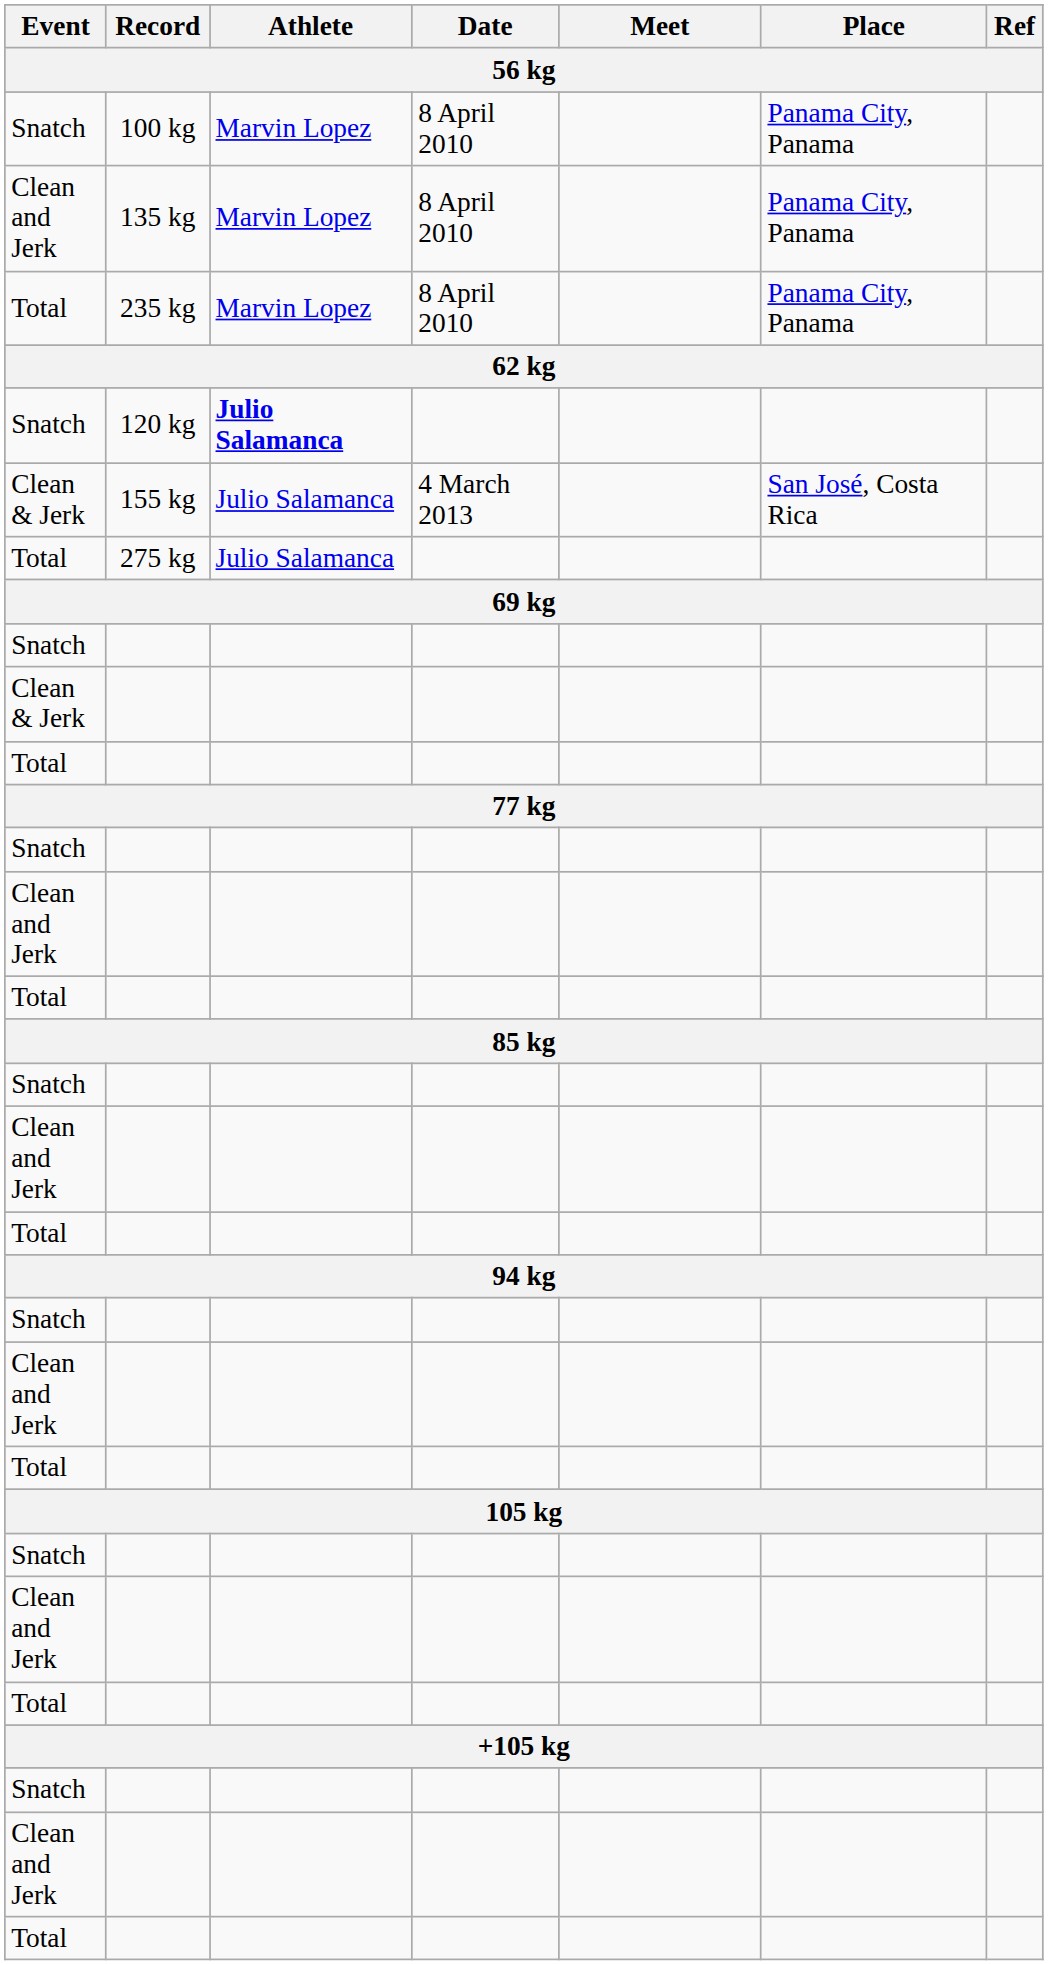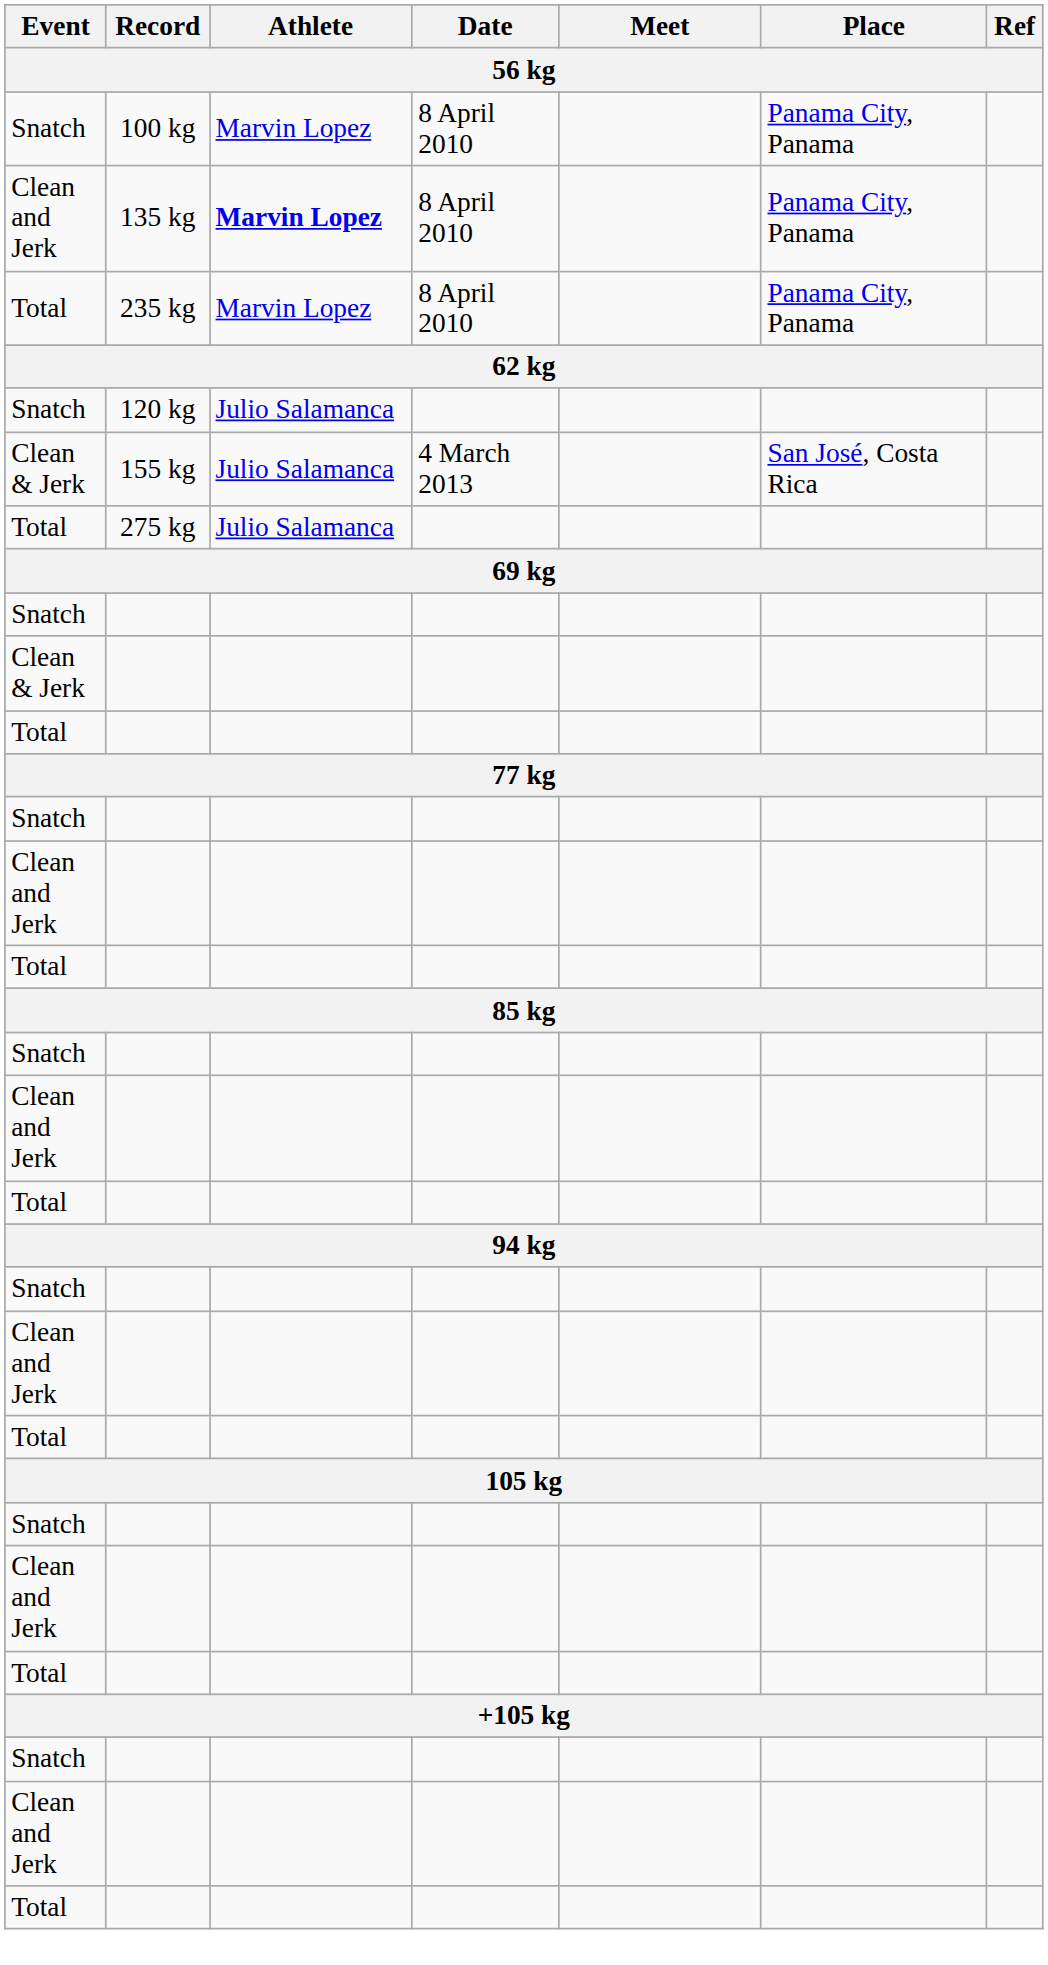 <table class="wikitable">
 <tr>
 <th width=9%>Event</th>
 <th width=6%>Record</th>
 <th width=18%>Athlete</th>
 <th width=13%>Date</th>
 <th width=18%>Meet</th>
 <th width=20%>Place</th>
 <th width=3%>Ref</th>
 </tr>
 <tr bgcolor="#DDDDDD">
 <th colspan="8">56 kg</th>
 </tr>
 <tr>
 <td>Snatch</td>
 <td align="center">100 kg</td>
 <td><a href='#'>Marvin Lopez</a></td>
 <td>8 April 2010</td>
 <td></td>
 <td><a href='#'>Panama City</a>, Panama</td>
 <td></td>
 </tr>
 <tr>
 <td>Clean and Jerk</td>
 <td align="center">135 kg</td>
-<td><a href='#'>Marvin Lopez</a></td>
+<td><strong><a href='#'>Marvin Lopez</a></strong></td>
 <td>8 April 2010</td>
 <td></td>
 <td><a href='#'>Panama City</a>, Panama</td>
 <td></td>
 </tr>
 <tr>
 <td>Total</td>
 <td align="center">235 kg</td>
 <td><a href='#'>Marvin Lopez</a></td>
 <td>8 April 2010</td>
 <td></td>
 <td><a href='#'>Panama City</a>, Panama</td>
 <td></td>
 </tr>
 <tr bgcolor="#DDDDDD">
 <th colspan="8">62 kg</th>
 </tr>
 <tr>
 <td>Snatch</td>
 <td align="center">120 kg</td>
-<td><strong><a href='#'>Julio Salamanca</a></strong></td>
+<td><a href='#'>Julio Salamanca</a></td>
 <td></td>
 <td></td>
 <td></td>
 <td></td>
 </tr>
 <tr>
 <td>Clean & Jerk</td>
 <td align="center">155 kg</td>
 <td><a href='#'>Julio Salamanca</a></td>
 <td>4 March 2013</td>
 <td></td>
 <td><a href='#'>San José</a>, Costa Rica</td>
 <td></td>
 </tr>
 <tr>
 <td>Total</td>
 <td align="center">275 kg</td>
 <td><a href='#'>Julio Salamanca</a></td>
 <td></td>
 <td></td>
 <td></td>
 <td></td>
 </tr>
 <tr bgcolor="#DDDDDD">
 <th colspan="8">69 kg</th>
 </tr>
 <tr>
 <td>Snatch</td>
 <td></td>
 <td></td>
 <td></td>
 <td></td>
 <td></td>
 <td></td>
 </tr>
 <tr>
 <td>Clean & Jerk</td>
 <td align="center"></td>
 <td></td>
 <td></td>
 <td></td>
 <td></td>
 <td></td>
 </tr>
 <tr>
 <td>Total</td>
 <td></td>
 <td></td>
 <td></td>
 <td></td>
 <td></td>
 <td></td>
 </tr>
 <tr bgcolor="#DDDDDD">
 <th colspan="8">77 kg</th>
 </tr>
 <tr>
 <td>Snatch</td>
 <td></td>
 <td></td>
 <td></td>
 <td></td>
 <td></td>
 <td></td>
 </tr>
 <tr>
 <td>Clean and Jerk</td>
 <td></td>
 <td></td>
 <td></td>
 <td></td>
 <td></td>
 <td></td>
 </tr>
 <tr>
 <td>Total</td>
 <td></td>
 <td></td>
 <td></td>
 <td></td>
 <td></td>
 <td></td>
 </tr>
 <tr bgcolor="#DDDDDD">
 <th colspan="8">85 kg</th>
 </tr>
 <tr>
 <td>Snatch</td>
 <td></td>
 <td></td>
 <td></td>
 <td></td>
 <td></td>
 <td></td>
 </tr>
 <tr>
 <td>Clean and Jerk</td>
 <td align="center"></td>
 <td></td>
 <td></td>
 <td></td>
 <td></td>
 <td></td>
 </tr>
 <tr>
 <td>Total</td>
 <td></td>
 <td></td>
 <td></td>
 <td></td>
 <td></td>
 <td></td>
 </tr>
 <tr bgcolor="#DDDDDD">
 <th colspan="8">94 kg</th>
 </tr>
 <tr>
 <td>Snatch</td>
 <td></td>
 <td></td>
 <td></td>
 <td></td>
 <td></td>
 <td></td>
 </tr>
 <tr>
 <td>Clean and Jerk</td>
 <td align="center"></td>
 <td></td>
 <td></td>
 <td></td>
 <td></td>
 <td></td>
 </tr>
 <tr>
 <td>Total</td>
 <td></td>
 <td></td>
 <td></td>
 <td></td>
 <td></td>
 <td></td>
 </tr>
 <tr bgcolor="#DDDDDD">
 <th colspan="8">105 kg</th>
 </tr>
 <tr>
 <td>Snatch</td>
 <td align="center"></td>
 <td></td>
 <td></td>
 <td></td>
 <td></td>
 <td></td>
 </tr>
 <tr>
 <td>Clean and Jerk</td>
 <td></td>
 <td></td>
 <td></td>
 <td></td>
 <td></td>
 <td></td>
 </tr>
 <tr>
 <td>Total</td>
 <td align="center"></td>
 <td></td>
 <td></td>
 <td></td>
 <td></td>
 <td></td>
 </tr>
 <tr bgcolor="#DDDDDD">
 <th colspan="8">+105 kg</th>
 </tr>
 <tr>
 <td>Snatch</td>
 <td></td>
 <td></td>
 <td></td>
 <td></td>
 <td></td>
 <td></td>
 </tr>
 <tr>
 <td>Clean and Jerk</td>
 <td></td>
 <td></td>
 <td></td>
 <td></td>
 <td></td>
 <td></td>
 </tr>
 <tr>
 <td>Total</td>
 <td></td>
 <td></td>
 <td></td>
 <td></td>
 <td></td>
 <td></td>
 </tr>
 </table>
